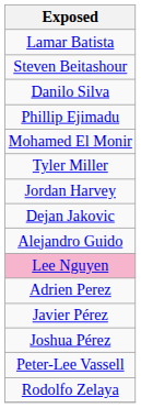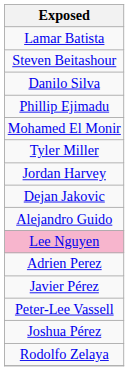 <table class="wikitable" style="text-align:center">
 <tr>
 <th>Exposed</th>
 </tr>
 <tr>
 <td><a href='#'>Lamar Batista</a></td>
 </tr>
 <tr>
 <td><a href='#'>Steven Beitashour</a></td>
 </tr>
 <tr>
 <td><a href='#'>Danilo Silva</a></td>
 </tr>
 <tr>
 <td><a href='#'>Phillip Ejimadu</a></td>
 </tr>
 <tr>
 <td><a href='#'>Mohamed El Monir</a></td>
 </tr>
 <tr>
 <td><a href='#'>Tyler Miller</a></td>
 </tr>
 <tr>
 <td><a href='#'>Jordan Harvey</a></td>
 </tr>
 <tr>
 <td><a href='#'>Dejan Jakovic</a></td>
 </tr>
 <tr>
 <td><a href='#'>Alejandro Guido</a></td>
 </tr>
 <tr>
 <td style="background: #f7b5cd"><a href='#'>Lee Nguyen</a></td>
 </tr>
 <tr>
 <td><a href='#'>Adrien Perez</a></td>
 </tr>
 <tr>
 <td><a href='#'>Javier Pérez</a></td>
 </tr>
 <tr>
-<td><a href='#'>Joshua Pérez</a></td>
+<td><a href='#'>Peter-Lee Vassell</a></td>
 </tr>
 <tr>
-<td><a href='#'>Peter-Lee Vassell</a></td>
+<td><a href='#'>Joshua Pérez</a></td>
 </tr>
 <tr>
 <td><a href='#'>Rodolfo Zelaya</a></td>
 </tr>
 <tr>
 </tr>
 </table>
